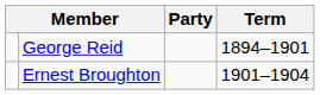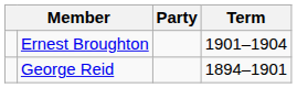 <table class="wikitable">
 <tr>
 <th colspan="2">Member</th>
 <th>Party</th>
 <th>Term</th>
 </tr>
 <tr>
 <td> </td>
+<td><a href='#'>Ernest Broughton</a></td>
+<td></td>
+<td>1901–1904</td>
+</tr>
+<tr>
+<td> </td>
 <td><a href='#'>George Reid</a></td>
 <td></td>
 <td>1894–1901</td>
 </tr>
-<tr>
-<td> </td>
-<td><a href='#'>Ernest Broughton</a></td>
-<td></td>
-<td>1901–1904</td>
-</tr>
 </table>
